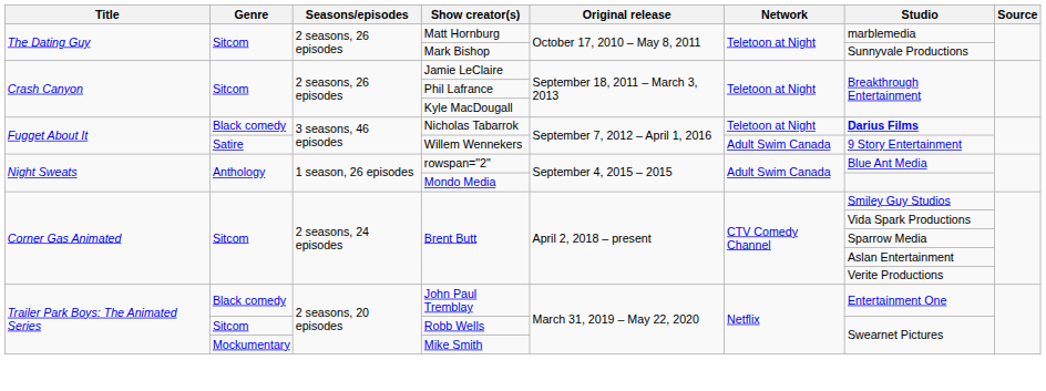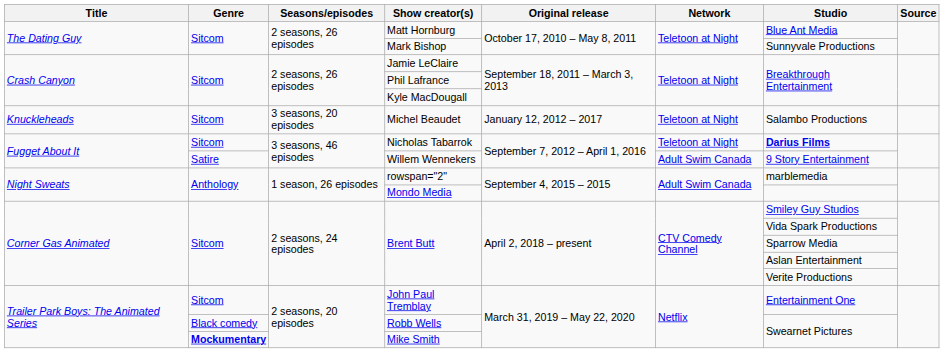 <table class="wikitable sortable" style="text-align: left; font-size:90%; width:100%;">
 <tr>
 <th scope="col">Title</th>
 <th scope="col">Genre</th>
 <th scope="col">Seasons/episodes</th>
 <th scope="col">Show creator(s)</th>
 <th scope="col">Original release</th>
 <th scope="col">Network</th>
 <th scope="col">Studio</th>
 <th scope="col">Source</th>
 </tr>
 <tr>
 <td rowspan="2"><em><a href='#'>The Dating Guy</a></em></td>
 <td rowspan="2"><a href='#'>Sitcom</a></td>
 <td rowspan="2">2 seasons, 26 episodes</td>
 <td>Matt Hornburg</td>
 <td rowspan="2">October 17, 2010 – May 8, 2011</td>
 <td rowspan="2"><a href='#'>Teletoon at Night</a></td>
-<td>marblemedia</td>
+<td><a href='#'>Blue Ant Media</a></td>
 <td rowspan="2"></td>
 </tr>
 <tr>
 <td>Mark Bishop</td>
 <td>Sunnyvale Productions</td>
 </tr>
 <tr>
 <td rowspan="3"><em><a href='#'>Crash Canyon</a></em></td>
 <td rowspan="3"><a href='#'>Sitcom</a></td>
 <td rowspan="3">2 seasons, 26 episodes</td>
 <td>Jamie LeClaire</td>
 <td rowspan="3">September 18, 2011 – March 3, 2013</td>
 <td rowspan="3"><a href='#'>Teletoon at Night</a></td>
 <td rowspan="3"><a href='#'>Breakthrough Entertainment</a></td>
 <td rowspan="3"></td>
 </tr>
 <tr>
 <td>Phil Lafrance</td>
 </tr>
 <tr>
 <td>Kyle MacDougall</td>
 </tr>
 <tr>
+<td><em><a href='#'>Knuckleheads</a></em></td>
+<td><a href='#'>Sitcom</a></td>
+<td>3 seasons, 20 episodes</td>
+<td>Michel Beaudet</td>
+<td>January 12, 2012 – 2017</td>
+<td><a href='#'>Teletoon at Night</a></td>
+<td>Salambo Productions</td>
+<td></td>
+</tr>
+<tr>
 <td rowspan="2"><em><a href='#'>Fugget About It</a></em></td>
-<td><a href='#'>Black comedy</a></td>
+<td><a href='#'>Sitcom</a></td>
 <td rowspan="2">3 seasons, 46 episodes</td>
 <td>Nicholas Tabarrok</td>
 <td rowspan="2">September 7, 2012 – April 1, 2016</td>
 <td><a href='#'>Teletoon at Night</a></td>
 <td><strong><a href='#'>Darius Films</a></strong></td>
 <td rowspan="2"></td>
 </tr>
 <tr>
 <td><a href='#'>Satire</a></td>
 <td>Willem Wennekers</td>
 <td><a href='#'>Adult Swim Canada</a></td>
 <td><a href='#'>9 Story Entertainment</a></td>
 </tr>
 <tr>
 <td rowspan="2"><em><a href='#'>Night Sweats</a></em></td>
 <td rowspan="2"><a href='#'>Anthology</a></td>
 <td rowspan="2">1 season, 26 episodes</td>
 <td>rowspan="2" </td>
 <td rowspan="2">September 4, 2015 – 2015</td>
 <td rowspan="2"><a href='#'>Adult Swim Canada</a></td>
-<td><a href='#'>Blue Ant Media</a></td>
+<td>marblemedia</td>
 <td rowspan="2"></td>
 </tr>
 <tr>
 <td><a href='#'>Mondo Media</a></td>
 </tr>
 <tr>
 <td rowspan="5"><em><a href='#'>Corner Gas Animated</a></em></td>
 <td rowspan="5"><a href='#'>Sitcom</a></td>
 <td rowspan="5">2 seasons, 24 episodes</td>
 <td rowspan="5"><a href='#'>Brent Butt</a></td>
 <td rowspan="5">April 2, 2018 – present</td>
 <td rowspan="5"><a href='#'>CTV Comedy Channel</a></td>
 <td><a href='#'>Smiley Guy Studios</a></td>
 <td rowspan="5"></td>
 </tr>
 <tr>
 <td>Vida Spark Productions</td>
 </tr>
 <tr>
 <td>Sparrow Media</td>
 </tr>
 <tr>
 <td>Aslan Entertainment</td>
 </tr>
 <tr>
 <td>Verite Productions</td>
 </tr>
 <tr>
 <td rowspan="3"><em><a href='#'>Trailer Park Boys: The Animated Series</a></em></td>
-<td><a href='#'>Black comedy</a></td>
+<td><a href='#'>Sitcom</a></td>
 <td rowspan="3">2 seasons, 20 episodes</td>
 <td><a href='#'>John Paul Tremblay</a></td>
 <td rowspan="3">March 31, 2019 – May 22, 2020</td>
 <td rowspan="3"><a href='#'>Netflix</a></td>
 <td><a href='#'>Entertainment One</a></td>
 <td rowspan="3"></td>
 </tr>
 <tr>
-<td><a href='#'>Sitcom</a></td>
+<td><a href='#'>Black comedy</a></td>
 <td><a href='#'>Robb Wells</a></td>
 <td rowspan="2">Swearnet Pictures</td>
 </tr>
 <tr>
-<td><a href='#'>Mockumentary</a></td>
+<td><strong><a href='#'>Mockumentary</a></strong></td>
 <td><a href='#'>Mike Smith</a></td>
 </tr>
 </table>
